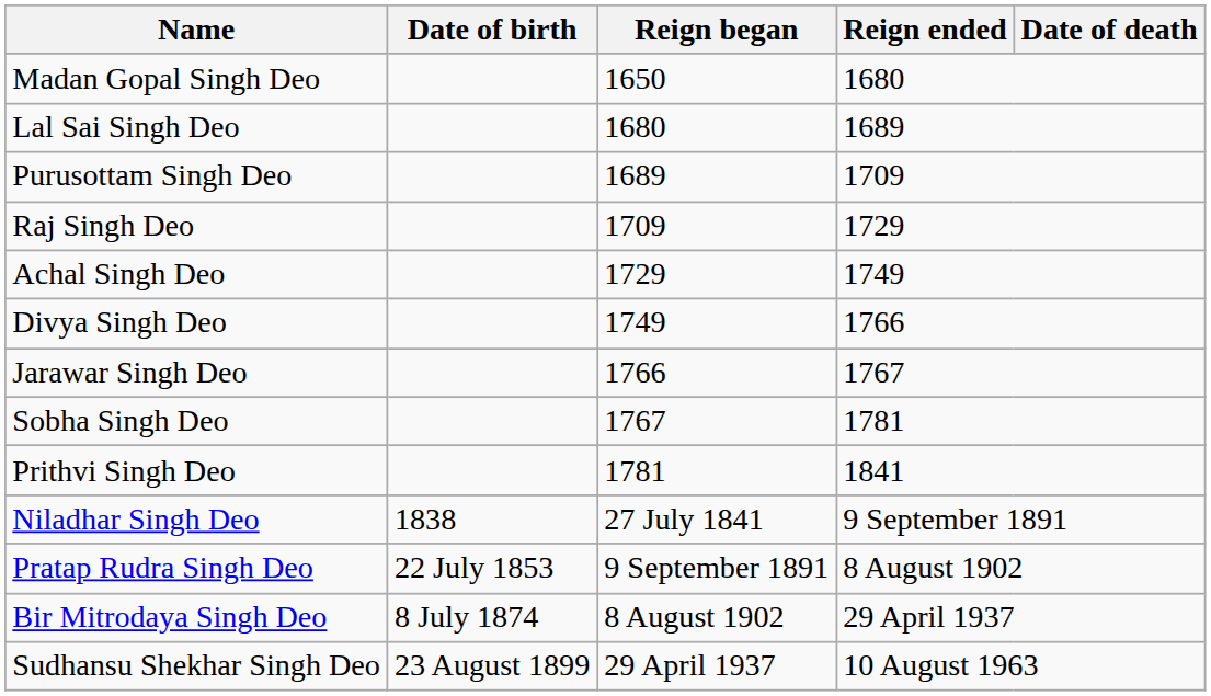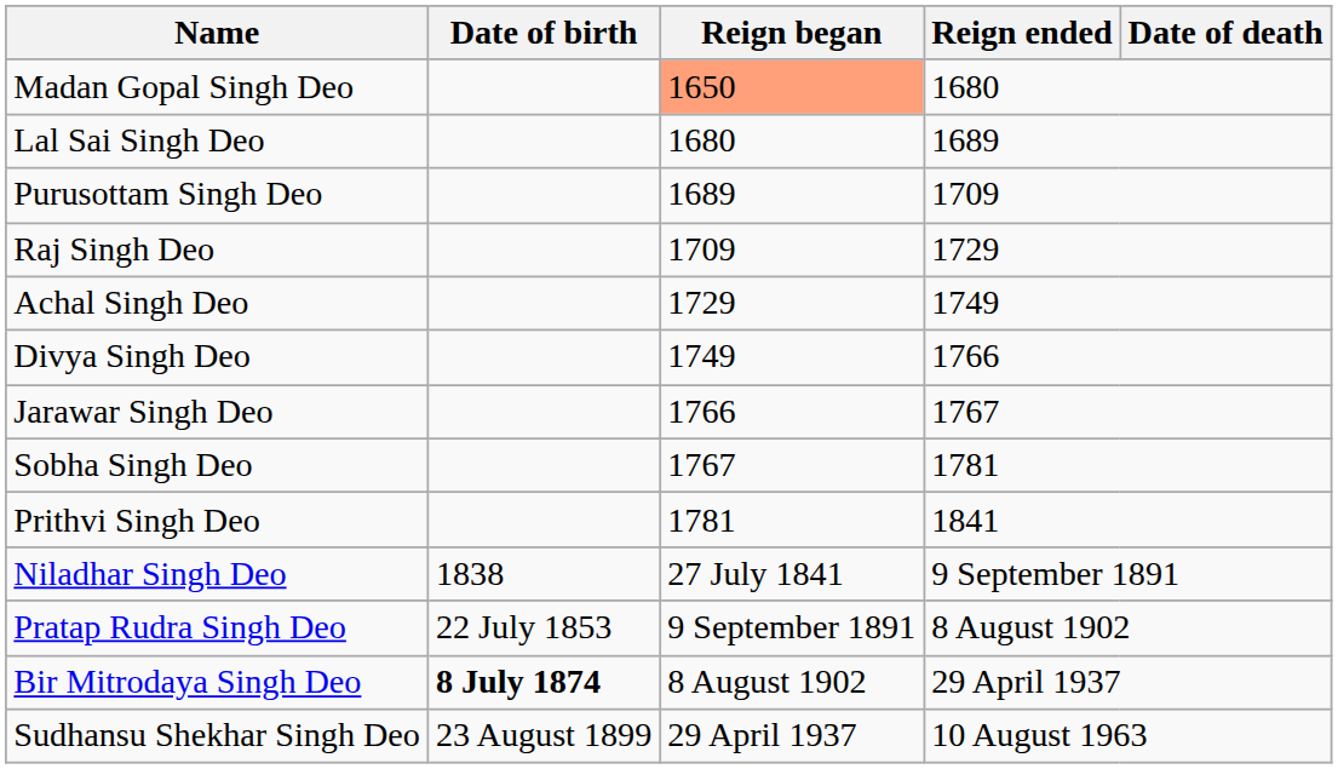 <table class="wikitable">
 <tr>
 <th>Name</th>
 <th>Date of birth</th>
 <th>Reign began</th>
 <th>Reign ended</th>
 <th>Date of death</th>
 </tr>
 <tr>
 <td>Madan Gopal Singh Deo</td>
 <td></td>
-<td>1650</td>
+<td style="background: lightsalmon;">1650</td>
 <td colspan="2">1680</td>
 </tr>
 <tr>
 <td>Lal Sai Singh Deo</td>
 <td></td>
 <td>1680</td>
 <td colspan="2">1689</td>
 </tr>
 <tr>
 <td>Purusottam Singh Deo</td>
 <td></td>
 <td>1689</td>
 <td colspan="2">1709</td>
 </tr>
 <tr>
 <td>Raj Singh Deo</td>
 <td></td>
 <td>1709</td>
 <td colspan="2">1729</td>
 </tr>
 <tr>
 <td>Achal Singh Deo</td>
 <td></td>
 <td>1729</td>
 <td colspan="2">1749</td>
 </tr>
 <tr>
 <td>Divya Singh Deo</td>
 <td></td>
 <td>1749</td>
 <td colspan="2">1766</td>
 </tr>
 <tr>
 <td>Jarawar Singh Deo</td>
 <td></td>
 <td>1766</td>
 <td colspan="2">1767</td>
 </tr>
 <tr>
 <td>Sobha Singh Deo</td>
 <td></td>
 <td>1767</td>
 <td colspan="2">1781</td>
 </tr>
 <tr>
 <td>Prithvi Singh Deo</td>
 <td></td>
 <td>1781</td>
 <td colspan="2">1841</td>
 </tr>
 <tr>
 <td><a href='#'>Niladhar Singh Deo</a></td>
 <td>1838</td>
 <td>27 July 1841</td>
 <td colspan="2">9 September 1891</td>
 </tr>
 <tr>
 <td><a href='#'>Pratap Rudra Singh Deo</a></td>
 <td>22 July 1853</td>
 <td>9 September 1891</td>
 <td colspan="2">8 August 1902</td>
 </tr>
 <tr>
 <td><a href='#'>Bir Mitrodaya Singh Deo</a></td>
-<td>8 July 1874</td>
+<td><strong>8 July 1874</strong></td>
 <td>8 August 1902</td>
 <td colspan="2">29 April 1937</td>
 </tr>
 <tr>
 <td>Sudhansu Shekhar Singh Deo</td>
 <td>23 August 1899</td>
 <td>29 April 1937</td>
 <td colspan="2">10 August 1963</td>
 </tr>
 </table>
